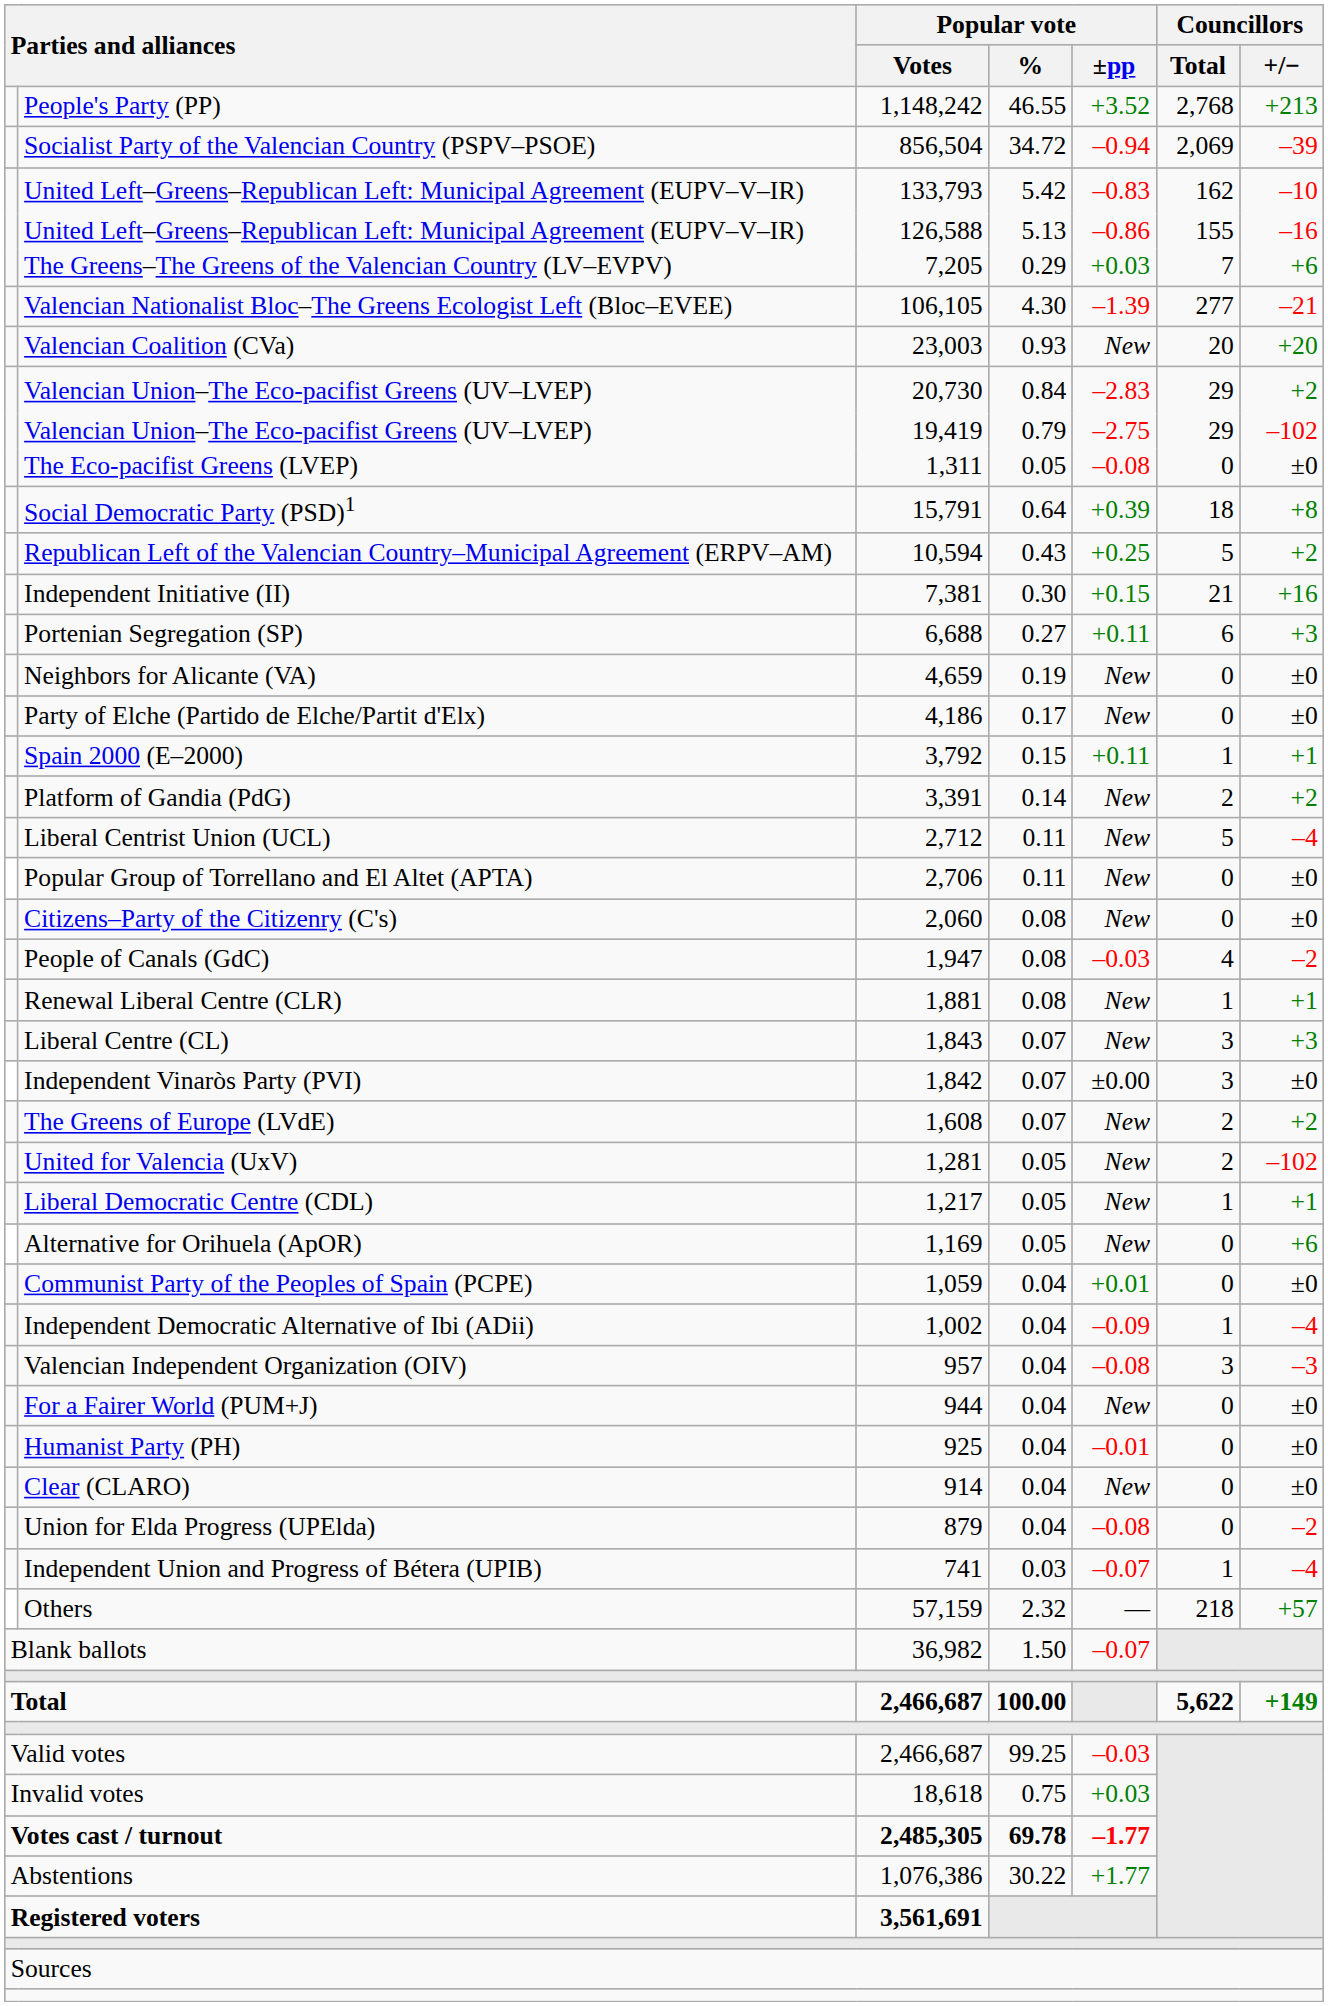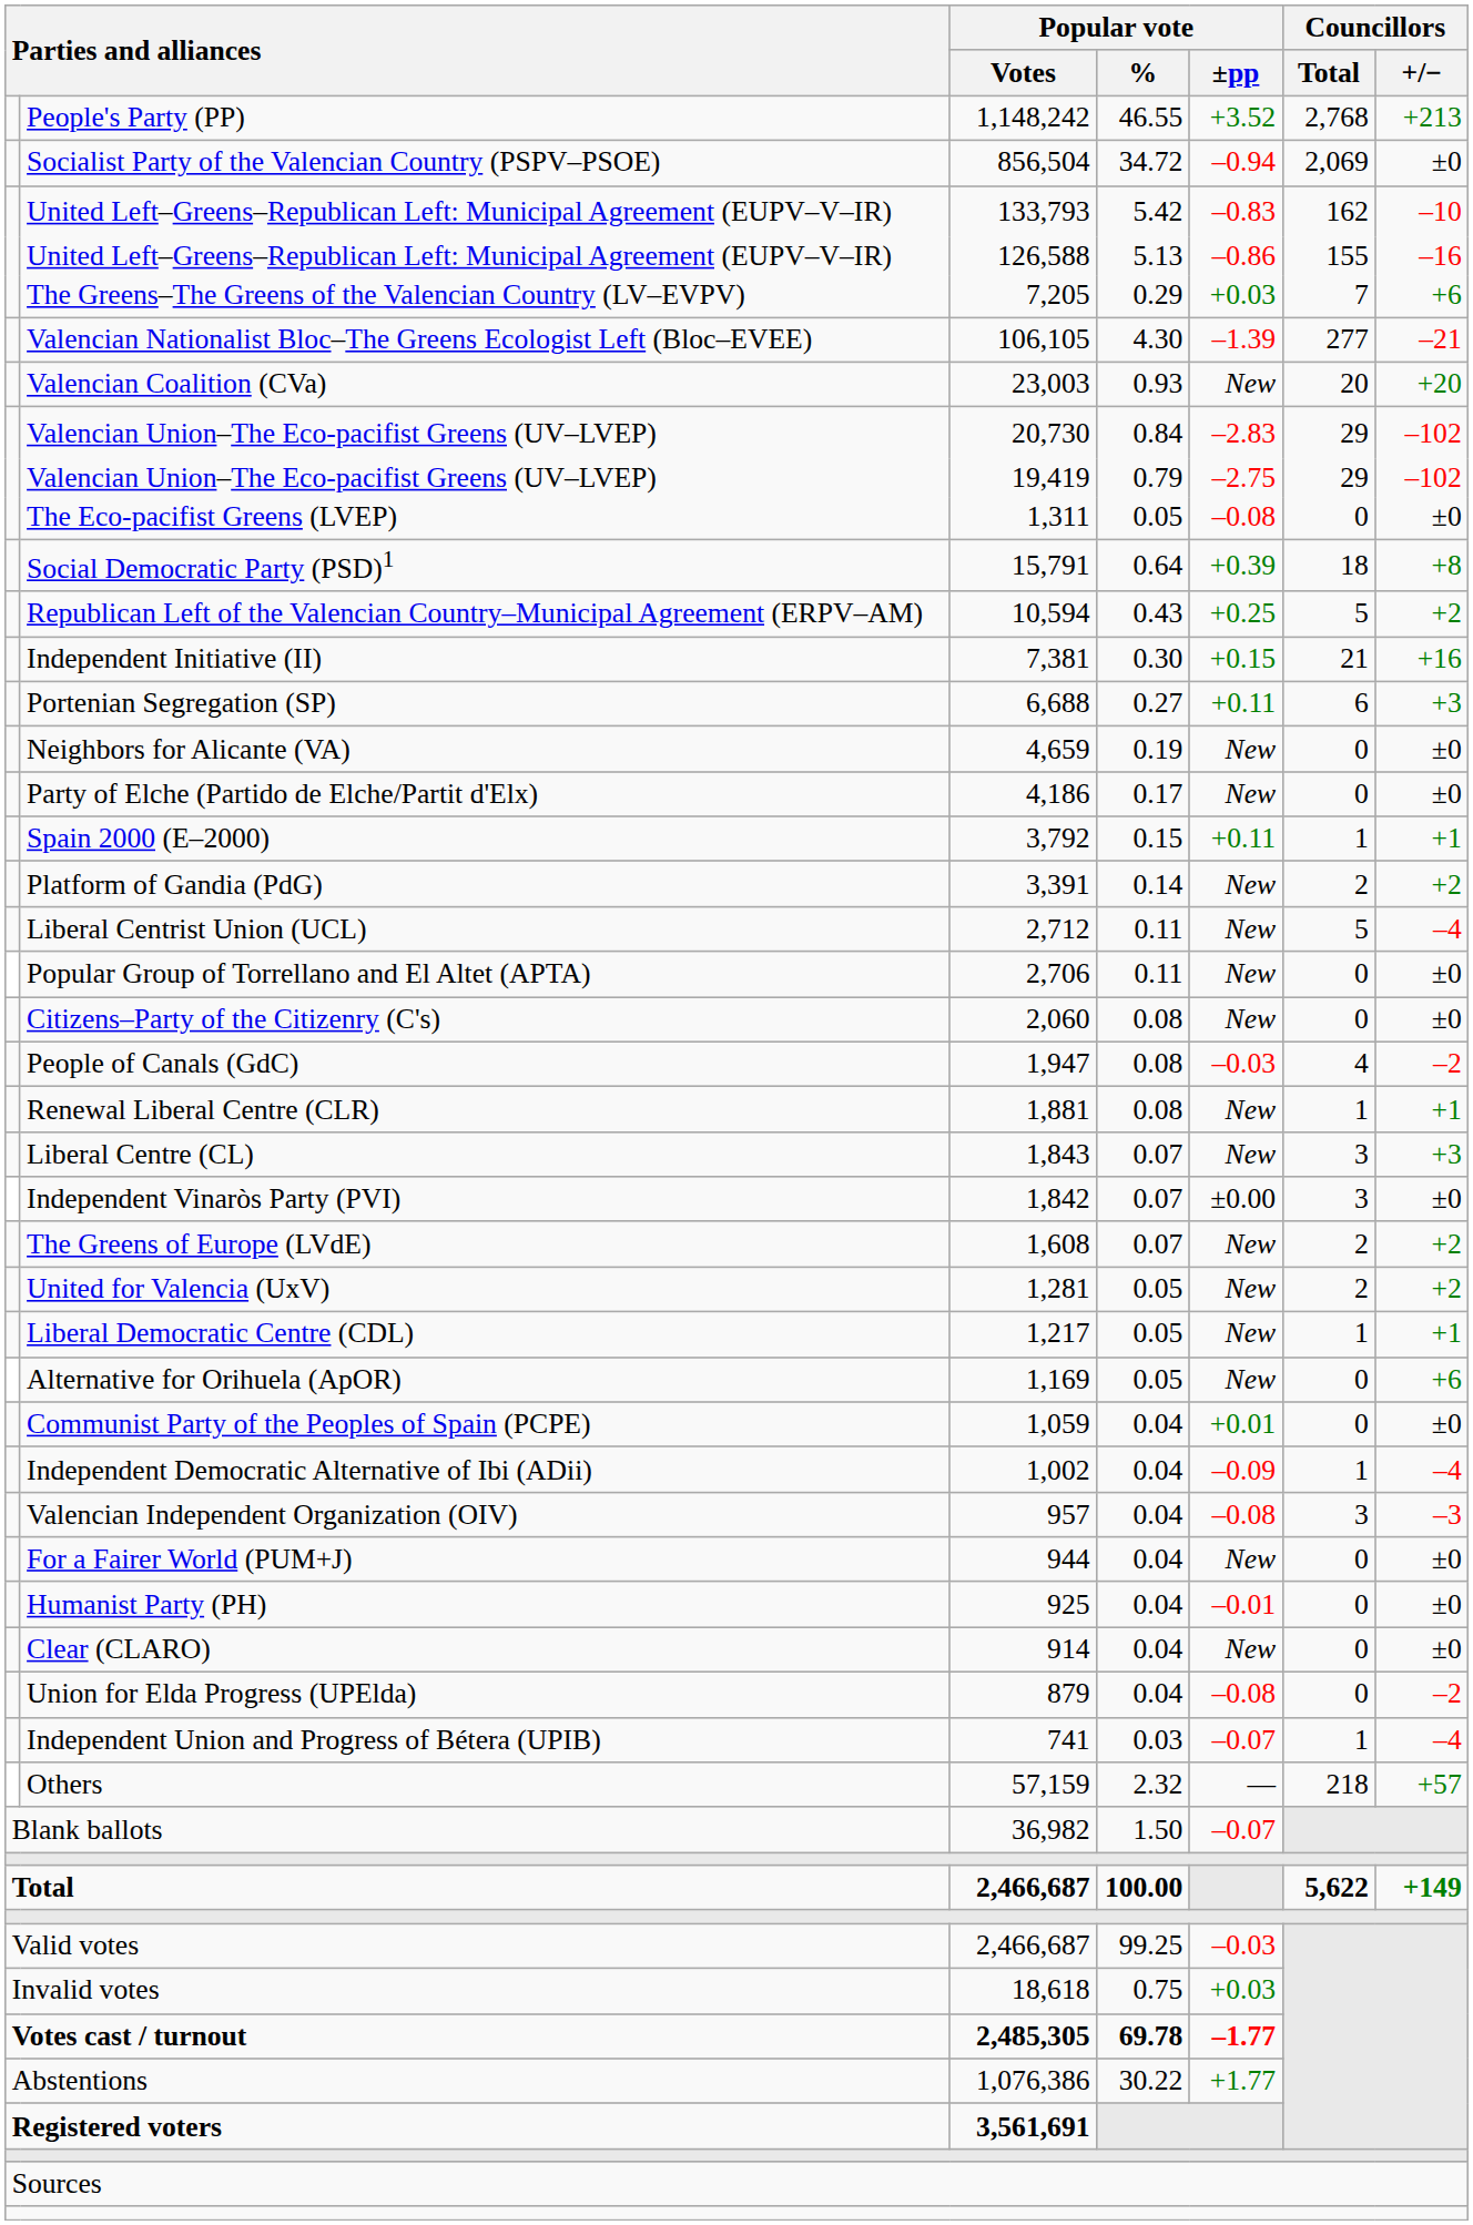 <table class="wikitable" style="text-align:right;">
 <tr>
 <th style="text-align:left;" rowspan="2" colspan="2" width="525">Parties and alliances</th>
 <th colspan="3">Popular vote</th>
 <th colspan="2">Councillors</th>
 </tr>
 <tr>
 <th width="75">Votes</th>
 <th width="45">%</th>
 <th width="45">±<a href='#'>pp</a></th>
 <th width="45">Total</th>
 <th width="45">+/−</th>
 </tr>
 <tr>
 <td width="1" style="color:inherit;background:"></td>
 <td align="left"><a href='#'>People's Party</a> (PP)</td>
 <td>1,148,242</td>
 <td>46.55</td>
 <td style="color:green;">+3.52</td>
 <td>2,768</td>
 <td style="color:green;">+213</td>
 </tr>
 <tr>
 <td style="color:inherit;background:"></td>
 <td align="left"><a href='#'>Socialist Party of the Valencian Country</a> (PSPV–PSOE)</td>
 <td>856,504</td>
 <td>34.72</td>
 <td style="color:red;">–0.94</td>
 <td>2,069</td>
-<td style="color:red;">–39</td>
+<td>±0</td>
 </tr>
 <tr style="line-height:22px;">
 <td rowspan="3" style="color:inherit;background:"></td>
 <td align="left"><a href='#'>United Left</a>–<a href='#'>Greens</a>–<a href='#'>Republican Left: Municipal Agreement</a> (EUPV–V–IR)</td>
 <td>133,793</td>
 <td>5.42</td>
 <td style="color:red;">–0.83</td>
 <td>162</td>
 <td style="color:red;">–10</td>
 </tr>
 <tr style="border-bottom-style:hidden; border-top-style:hidden; line-height:16px;">
 <td align="left"><span><a href='#'>United Left</a>–<a href='#'>Greens</a>–<a href='#'>Republican Left: Municipal Agreement</a> (EUPV–V–IR)</span></td>
 <td>126,588</td>
 <td>5.13</td>
 <td style="color:red;">–0.86</td>
 <td>155</td>
 <td style="color:red;">–16</td>
 </tr>
 <tr style="line-height:16px;">
 <td align="left"><span><a href='#'>The Greens</a>–<a href='#'>The Greens of the Valencian Country</a> (LV–EVPV)</span></td>
 <td>7,205</td>
 <td>0.29</td>
 <td style="color:green;">+0.03</td>
 <td>7</td>
 <td style="color:green;">+6</td>
 </tr>
 <tr>
 <td style="color:inherit;background:"></td>
 <td align="left"><a href='#'>Valencian Nationalist Bloc</a>–<a href='#'>The Greens Ecologist Left</a> (Bloc–EVEE)</td>
 <td>106,105</td>
 <td>4.30</td>
 <td style="color:red;">–1.39</td>
 <td>277</td>
 <td style="color:red;">–21</td>
 </tr>
 <tr>
 <td style="color:inherit;background:"></td>
 <td align="left"><a href='#'>Valencian Coalition</a> (CVa)</td>
 <td>23,003</td>
 <td>0.93</td>
 <td><em>New</em></td>
 <td>20</td>
 <td style="color:green;">+20</td>
 </tr>
 <tr style="line-height:22px;">
 <td rowspan="3" style="color:inherit;background:"></td>
 <td align="left"><a href='#'>Valencian Union</a>–<a href='#'>The Eco-pacifist Greens</a> (UV–LVEP)</td>
 <td>20,730</td>
 <td>0.84</td>
 <td style="color:red;">–2.83</td>
 <td>29</td>
-<td style="color:green;">+2</td>
+<td style="color:red;">–102</td>
 </tr>
 <tr style="border-bottom-style:hidden; border-top-style:hidden; line-height:16px;">
 <td align="left"><span><a href='#'>Valencian Union</a>–<a href='#'>The Eco-pacifist Greens</a> (UV–LVEP)</span></td>
 <td>19,419</td>
 <td>0.79</td>
 <td style="color:red;">–2.75</td>
 <td>29</td>
 <td style="color:red;">–102</td>
 </tr>
 <tr style="line-height:16px;">
 <td align="left"><span><a href='#'>The Eco-pacifist Greens</a> (LVEP)</span></td>
 <td>1,311</td>
 <td>0.05</td>
 <td style="color:red;">–0.08</td>
 <td>0</td>
 <td>±0</td>
 </tr>
 <tr>
 <td style="color:inherit;background:"></td>
 <td align="left"><a href='#'>Social Democratic Party</a> (PSD)<sup>1</sup></td>
 <td>15,791</td>
 <td>0.64</td>
 <td style="color:green;">+0.39</td>
 <td>18</td>
 <td style="color:green;">+8</td>
 </tr>
 <tr>
 <td style="color:inherit;background:"></td>
 <td align="left"><a href='#'>Republican Left of the Valencian Country–Municipal Agreement</a> (ERPV–AM)</td>
 <td>10,594</td>
 <td>0.43</td>
 <td style="color:green;">+0.25</td>
 <td>5</td>
 <td style="color:green;">+2</td>
 </tr>
 <tr>
 <td style="color:inherit;background:"></td>
 <td align="left">Independent Initiative (II)</td>
 <td>7,381</td>
 <td>0.30</td>
 <td style="color:green;">+0.15</td>
 <td>21</td>
 <td style="color:green;">+16</td>
 </tr>
 <tr>
 <td style="color:inherit;background:"></td>
 <td align="left">Portenian Segregation (SP)</td>
 <td>6,688</td>
 <td>0.27</td>
 <td style="color:green;">+0.11</td>
 <td>6</td>
 <td style="color:green;">+3</td>
 </tr>
 <tr>
 <td style="color:inherit;background:"></td>
 <td align="left">Neighbors for Alicante (VA)</td>
 <td>4,659</td>
 <td>0.19</td>
 <td><em>New</em></td>
 <td>0</td>
 <td>±0</td>
 </tr>
 <tr>
 <td style="color:inherit;background:"></td>
 <td align="left">Party of Elche (Partido de Elche/Partit d'Elx)</td>
 <td>4,186</td>
 <td>0.17</td>
 <td><em>New</em></td>
 <td>0</td>
 <td>±0</td>
 </tr>
 <tr>
 <td style="color:inherit;background:"></td>
 <td align="left"><a href='#'>Spain 2000</a> (E–2000)</td>
 <td>3,792</td>
 <td>0.15</td>
 <td style="color:green;">+0.11</td>
 <td>1</td>
 <td style="color:green;">+1</td>
 </tr>
 <tr>
 <td style="color:inherit;background:"></td>
 <td align="left">Platform of Gandia (PdG)</td>
 <td>3,391</td>
 <td>0.14</td>
 <td><em>New</em></td>
 <td>2</td>
 <td style="color:green;">+2</td>
 </tr>
 <tr>
 <td style="color:inherit;background:"></td>
 <td align="left">Liberal Centrist Union (UCL)</td>
 <td>2,712</td>
 <td>0.11</td>
 <td><em>New</em></td>
 <td>5</td>
 <td style="color:red;">–4</td>
 </tr>
 <tr>
 <td bgcolor="white"></td>
 <td align="left">Popular Group of Torrellano and El Altet (APTA)</td>
 <td>2,706</td>
 <td>0.11</td>
 <td><em>New</em></td>
 <td>0</td>
 <td>±0</td>
 </tr>
 <tr>
 <td style="color:inherit;background:"></td>
 <td align="left"><a href='#'>Citizens–Party of the Citizenry</a> (C's)</td>
 <td>2,060</td>
 <td>0.08</td>
 <td><em>New</em></td>
 <td>0</td>
 <td>±0</td>
 </tr>
 <tr>
 <td style="color:inherit;background:"></td>
 <td align="left">People of Canals (GdC)</td>
 <td>1,947</td>
 <td>0.08</td>
 <td style="color:red;">–0.03</td>
 <td>4</td>
 <td style="color:red;">–2</td>
 </tr>
 <tr>
 <td style="color:inherit;background:"></td>
 <td align="left">Renewal Liberal Centre (CLR)</td>
 <td>1,881</td>
 <td>0.08</td>
 <td><em>New</em></td>
 <td>1</td>
 <td style="color:green;">+1</td>
 </tr>
 <tr>
 <td style="color:inherit;background:"></td>
 <td align="left">Liberal Centre (CL)</td>
 <td>1,843</td>
 <td>0.07</td>
 <td><em>New</em></td>
 <td>3</td>
 <td style="color:green;">+3</td>
 </tr>
 <tr>
 <td bgcolor="white"></td>
 <td align="left">Independent Vinaròs Party (PVI)</td>
 <td>1,842</td>
 <td>0.07</td>
 <td>±0.00</td>
 <td>3</td>
 <td>±0</td>
 </tr>
 <tr>
 <td style="color:inherit;background:"></td>
 <td align="left"><a href='#'>The Greens of Europe</a> (LVdE)</td>
 <td>1,608</td>
 <td>0.07</td>
 <td><em>New</em></td>
 <td>2</td>
 <td style="color:green;">+2</td>
 </tr>
 <tr>
 <td style="color:inherit;background:"></td>
 <td align="left"><a href='#'>United for Valencia</a> (UxV)</td>
 <td>1,281</td>
 <td>0.05</td>
 <td><em>New</em></td>
 <td>2</td>
-<td style="color:red;">–102</td>
+<td style="color:green;">+2</td>
 </tr>
 <tr>
 <td style="color:inherit;background:"></td>
 <td align="left"><a href='#'>Liberal Democratic Centre</a> (CDL)</td>
 <td>1,217</td>
 <td>0.05</td>
 <td><em>New</em></td>
 <td>1</td>
 <td style="color:green;">+1</td>
 </tr>
 <tr>
 <td bgcolor="white"></td>
 <td align="left">Alternative for Orihuela (ApOR)</td>
 <td>1,169</td>
 <td>0.05</td>
 <td><em>New</em></td>
 <td>0</td>
 <td style="color:green;">+6</td>
 </tr>
 <tr>
 <td style="color:inherit;background:"></td>
 <td align="left"><a href='#'>Communist Party of the Peoples of Spain</a> (PCPE)</td>
 <td>1,059</td>
 <td>0.04</td>
 <td style="color:green;">+0.01</td>
 <td>0</td>
 <td>±0</td>
 </tr>
 <tr>
 <td style="color:inherit;background:"></td>
 <td align="left">Independent Democratic Alternative of Ibi (ADii)</td>
 <td>1,002</td>
 <td>0.04</td>
 <td style="color:red;">–0.09</td>
 <td>1</td>
 <td style="color:red;">–4</td>
 </tr>
 <tr>
 <td style="color:inherit;background:"></td>
 <td align="left">Valencian Independent Organization (OIV)</td>
 <td>957</td>
 <td>0.04</td>
 <td style="color:red;">–0.08</td>
 <td>3</td>
 <td style="color:red;">–3</td>
 </tr>
 <tr>
 <td style="color:inherit;background:"></td>
 <td align="left"><a href='#'>For a Fairer World</a> (PUM+J)</td>
 <td>944</td>
 <td>0.04</td>
 <td><em>New</em></td>
 <td>0</td>
 <td>±0</td>
 </tr>
 <tr>
 <td style="color:inherit;background:"></td>
 <td align="left"><a href='#'>Humanist Party</a> (PH)</td>
 <td>925</td>
 <td>0.04</td>
 <td style="color:red;">–0.01</td>
 <td>0</td>
 <td>±0</td>
 </tr>
 <tr>
 <td style="color:inherit;background:"></td>
 <td align="left"><a href='#'>Clear</a> (CLARO)</td>
 <td>914</td>
 <td>0.04</td>
 <td><em>New</em></td>
 <td>0</td>
 <td>±0</td>
 </tr>
 <tr>
 <td style="color:inherit;background:"></td>
 <td align="left">Union for Elda Progress (UPElda)</td>
 <td>879</td>
 <td>0.04</td>
 <td style="color:red;">–0.08</td>
 <td>0</td>
 <td style="color:red;">–2</td>
 </tr>
 <tr>
 <td style="color:inherit;background:"></td>
 <td align="left">Independent Union and Progress of Bétera (UPIB)</td>
 <td>741</td>
 <td>0.03</td>
 <td style="color:red;">–0.07</td>
 <td>1</td>
 <td style="color:red;">–4</td>
 </tr>
 <tr>
 <td bgcolor="white"></td>
 <td align="left">Others</td>
 <td>57,159</td>
 <td>2.32</td>
 <td>—</td>
 <td>218</td>
 <td style="color:green;">+57</td>
 </tr>
 <tr>
 <td align="left" colspan="2">Blank ballots</td>
 <td>36,982</td>
 <td>1.50</td>
 <td style="color:red;">–0.07</td>
 <td bgcolor="#E9E9E9" colspan="2"></td>
 </tr>
 <tr>
 <td colspan="7" bgcolor="#E9E9E9"></td>
 </tr>
 <tr style="font-weight:bold;">
 <td align="left" colspan="2">Total</td>
 <td>2,466,687</td>
 <td>100.00</td>
 <td bgcolor="#E9E9E9"></td>
 <td>5,622</td>
 <td style="color:green;">+149</td>
 </tr>
 <tr>
 <td colspan="7" bgcolor="#E9E9E9"></td>
 </tr>
 <tr>
 <td align="left" colspan="2">Valid votes</td>
 <td>2,466,687</td>
 <td>99.25</td>
 <td style="color:red;">–0.03</td>
 <td bgcolor="#E9E9E9" colspan="2" rowspan="5"></td>
 </tr>
 <tr>
 <td align="left" colspan="2">Invalid votes</td>
 <td>18,618</td>
 <td>0.75</td>
 <td style="color:green;">+0.03</td>
 </tr>
 <tr style="font-weight:bold;">
 <td align="left" colspan="2">Votes cast / turnout</td>
 <td>2,485,305</td>
 <td>69.78</td>
 <td style="color:red;">–1.77</td>
 </tr>
 <tr>
 <td align="left" colspan="2">Abstentions</td>
 <td>1,076,386</td>
 <td>30.22</td>
 <td style="color:green;">+1.77</td>
 </tr>
 <tr style="font-weight:bold;">
 <td align="left" colspan="2">Registered voters</td>
 <td>3,561,691</td>
 <td bgcolor="#E9E9E9" colspan="2"></td>
 </tr>
 <tr>
 <td colspan="7" bgcolor="#E9E9E9"></td>
 </tr>
 <tr>
 <td align="left" colspan="7">Sources</td>
 </tr>
 <tr>
 <td colspan="7" style="text-align:left; max-width:790px;"></td>
 </tr>
 </table>
